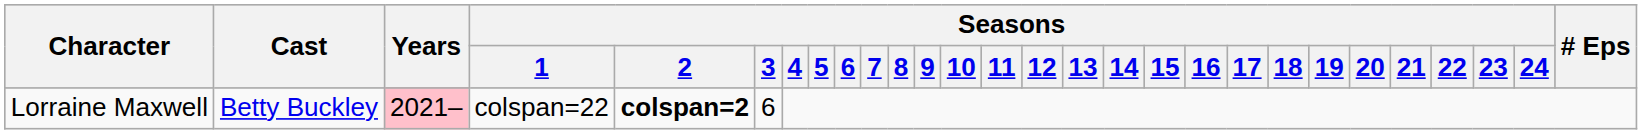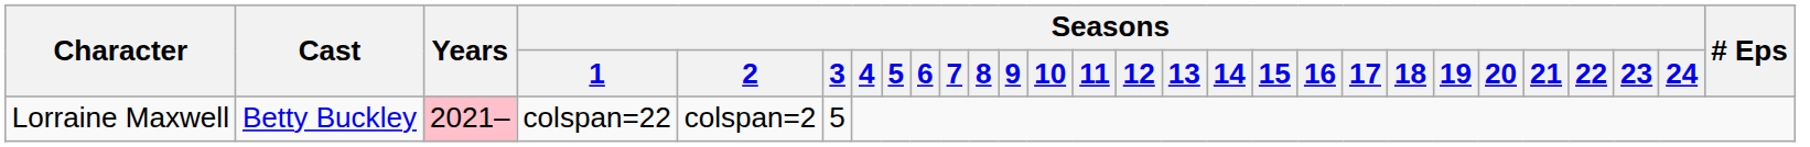 <table class="wikitable">
 <tr>
 <th rowspan="2">Character</th>
 <th rowspan="2">Cast</th>
 <th rowspan="2">Years</th>
 <th colspan="24">Seasons</th>
 <th rowspan="2"># Eps</th>
 </tr>
 <tr>
 <th><a href='#'>1</a></th>
 <th><a href='#'>2</a></th>
 <th><a href='#'>3</a></th>
 <th><a href='#'>4</a></th>
 <th><a href='#'>5</a></th>
 <th><a href='#'>6</a></th>
 <th><a href='#'>7</a></th>
 <th><a href='#'>8</a></th>
 <th><a href='#'>9</a></th>
 <th><a href='#'>10</a></th>
 <th><a href='#'>11</a></th>
 <th><a href='#'>12</a></th>
 <th><a href='#'>13</a></th>
 <th><a href='#'>14</a></th>
 <th><a href='#'>15</a></th>
 <th><a href='#'>16</a></th>
 <th><a href='#'>17</a></th>
 <th><a href='#'>18</a></th>
 <th><a href='#'>19</a></th>
 <th><a href='#'>20</a></th>
 <th><a href='#'>21</a></th>
 <th><a href='#'>22</a></th>
 <th><a href='#'>23</a></th>
 <th><a href='#'>24</a></th>
 </tr>
 <tr>
 <td>Lorraine Maxwell</td>
 <td><a href='#'>Betty Buckley</a></td>
 <td style="background: pink;">2021–</td>
 <td>colspan=22 </td>
-<td><strong>colspan=2 </strong></td>
-<td>6</td>
+<td>colspan=2 </td>
+<td>5</td>
 </tr>
 </table>
